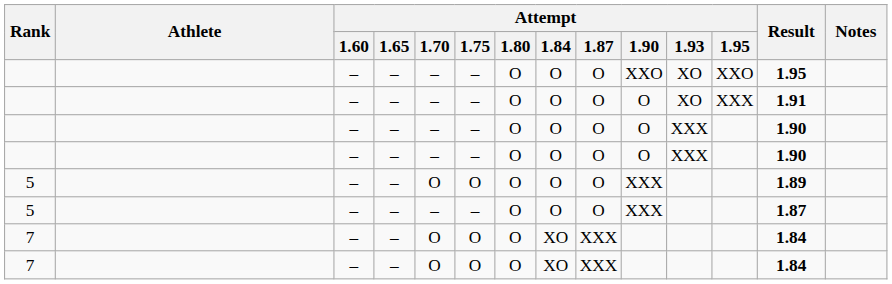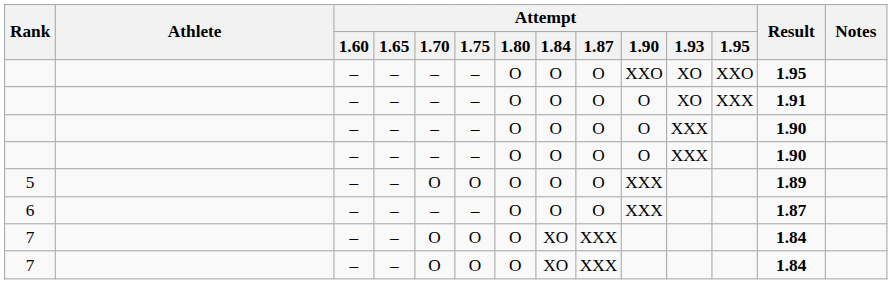 <table class="wikitable" style="text-align:center">
 <tr>
 <th rowspan=2 width=40>Rank</th>
 <th rowspan=2 width=250>Athlete</th>
 <th colspan=10>Attempt</th>
 <th rowspan=2 width=55>Result</th>
 <th rowspan=2 width=50>Notes</th>
 </tr>
 <tr>
 <th width=30>1.60</th>
 <th width=30>1.65</th>
 <th width=30>1.70</th>
 <th width=30>1.75</th>
 <th width=30>1.80</th>
 <th width=30>1.84</th>
 <th width=30>1.87</th>
 <th width=30>1.90</th>
 <th width=30>1.93</th>
 <th width=30>1.95</th>
 </tr>
 <tr>
 <td></td>
 <td align=left></td>
 <td>–</td>
 <td>–</td>
 <td>–</td>
 <td>–</td>
 <td>O</td>
 <td>O</td>
 <td>O</td>
 <td>XXO</td>
 <td>XO</td>
 <td>XXO</td>
 <td><strong>1.95</strong></td>
 <td></td>
 </tr>
 <tr>
 <td></td>
 <td align=left></td>
 <td>–</td>
 <td>–</td>
 <td>–</td>
 <td>–</td>
 <td>O</td>
 <td>O</td>
 <td>O</td>
 <td>O</td>
 <td>XO</td>
 <td>XXX</td>
 <td><strong>1.91</strong></td>
 <td></td>
 </tr>
 <tr>
 <td></td>
 <td align=left></td>
 <td>–</td>
 <td>–</td>
 <td>–</td>
 <td>–</td>
 <td>O</td>
 <td>O</td>
 <td>O</td>
 <td>O</td>
 <td>XXX</td>
 <td></td>
 <td><strong>1.90</strong></td>
 <td></td>
 </tr>
 <tr>
 <td></td>
 <td align=left></td>
 <td>–</td>
 <td>–</td>
 <td>–</td>
 <td>–</td>
 <td>O</td>
 <td>O</td>
 <td>O</td>
 <td>O</td>
 <td>XXX</td>
 <td></td>
 <td><strong>1.90</strong></td>
 <td></td>
 </tr>
 <tr>
 <td>5</td>
 <td align=left></td>
 <td>–</td>
 <td>–</td>
 <td>O</td>
 <td>O</td>
 <td>O</td>
 <td>O</td>
 <td>O</td>
 <td>XXX</td>
 <td></td>
 <td></td>
 <td><strong>1.89</strong></td>
 <td></td>
 </tr>
 <tr>
-<td>5</td>
+<td>6</td>
 <td align=left></td>
 <td>–</td>
 <td>–</td>
 <td>–</td>
 <td>–</td>
 <td>O</td>
 <td>O</td>
 <td>O</td>
 <td>XXX</td>
 <td></td>
 <td></td>
 <td><strong>1.87</strong></td>
 <td></td>
 </tr>
 <tr>
 <td>7</td>
 <td align=left></td>
 <td>–</td>
 <td>–</td>
 <td>O</td>
 <td>O</td>
 <td>O</td>
 <td>XO</td>
 <td>XXX</td>
 <td></td>
 <td></td>
 <td></td>
 <td><strong>1.84</strong></td>
 <td></td>
 </tr>
 <tr>
 <td>7</td>
 <td align=left></td>
 <td>–</td>
 <td>–</td>
 <td>O</td>
 <td>O</td>
 <td>O</td>
 <td>XO</td>
 <td>XXX</td>
 <td></td>
 <td></td>
 <td></td>
 <td><strong>1.84</strong></td>
 <td></td>
 </tr>
 </table>
